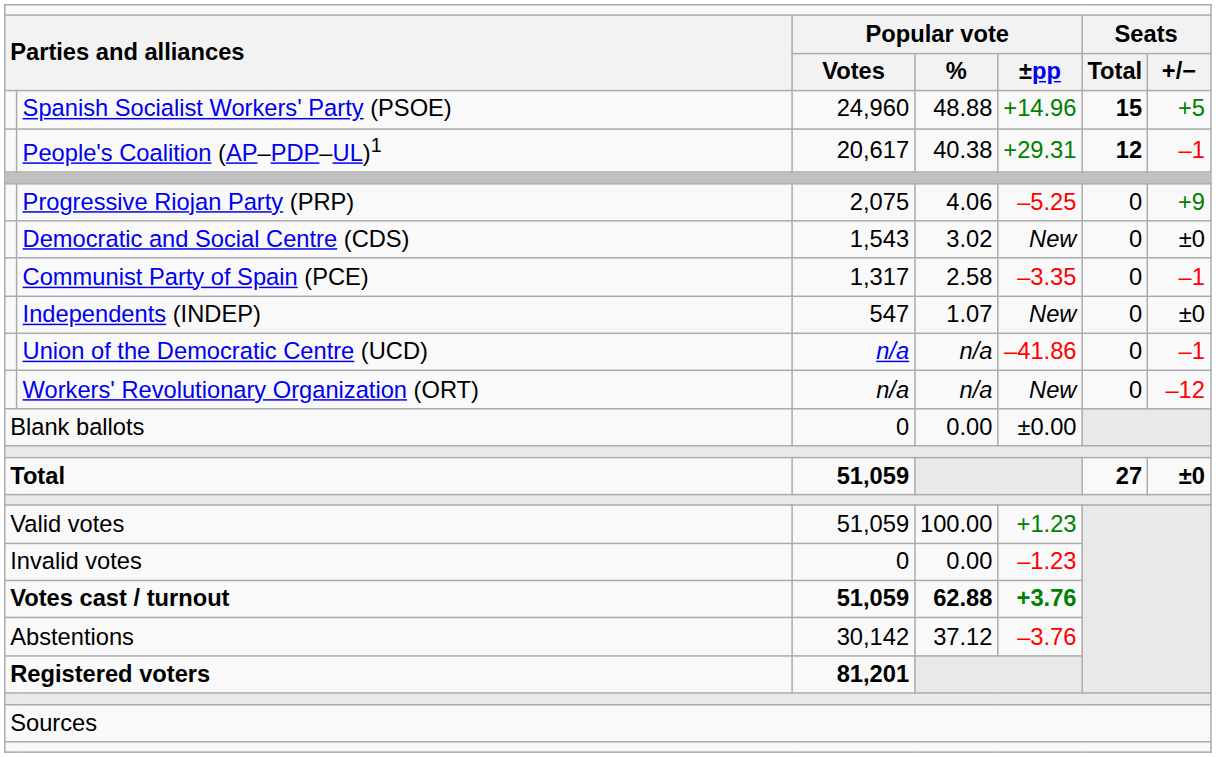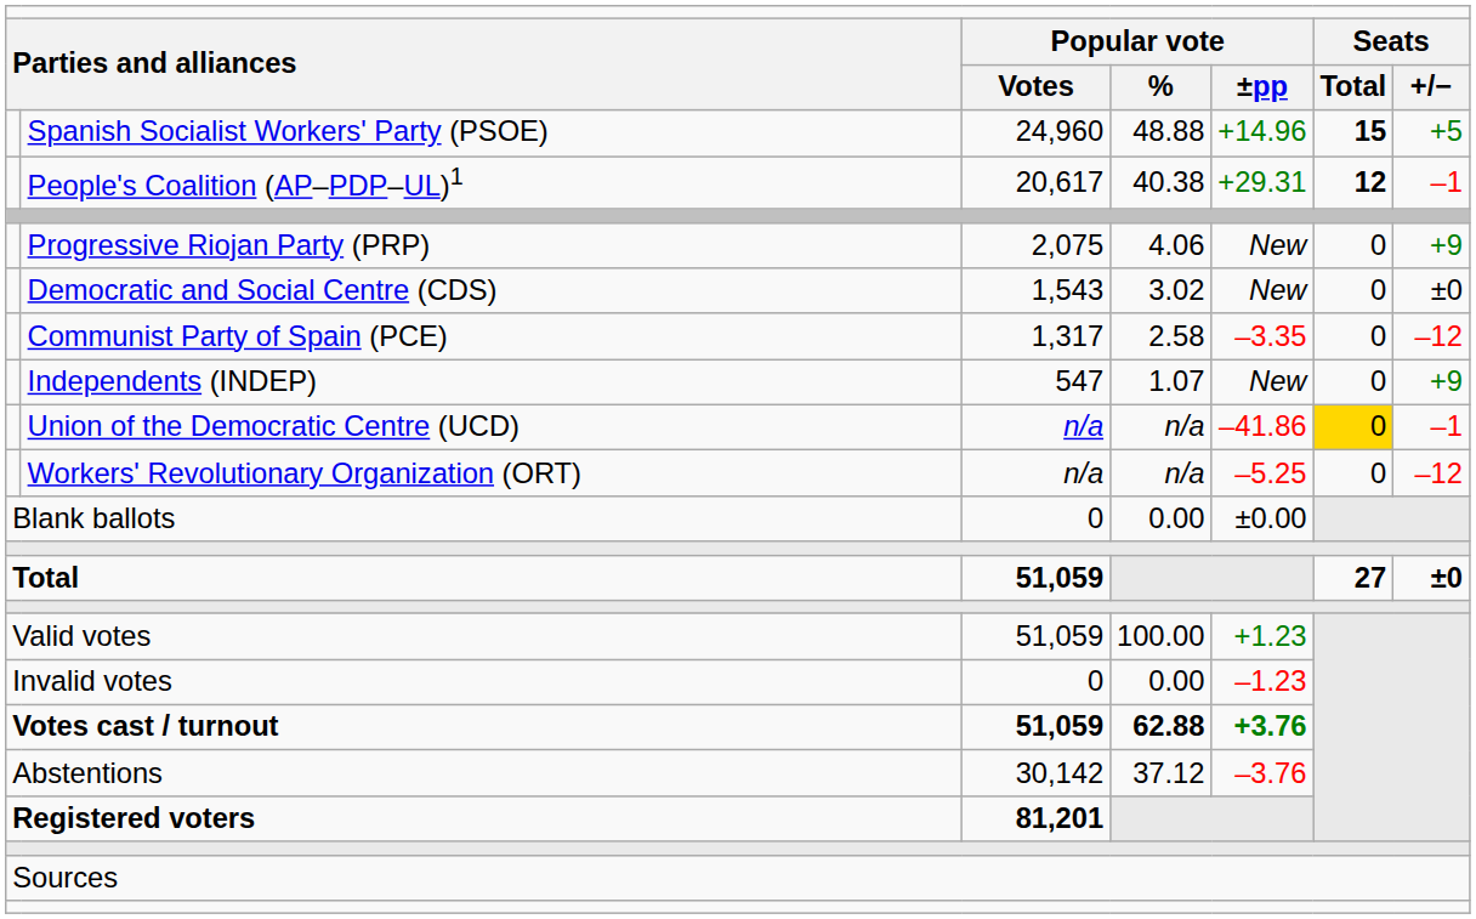 <table class="wikitable" style="text-align:right;">
 <tr>
 <td colspan="7"></td>
 </tr>
 <tr>
 <th style="text-align:left;" rowspan="2" colspan="2" width="525">Parties and alliances</th>
 <th colspan="3">Popular vote</th>
 <th colspan="2">Seats</th>
 </tr>
 <tr>
 <th width="75">Votes</th>
 <th width="45">%</th>
 <th width="45">±<a href='#'>pp</a></th>
 <th width="35">Total</th>
 <th width="35">+/−</th>
 </tr>
 <tr>
 <td width="1" style="color:inherit;background:"></td>
 <td align="left"><a href='#'>Spanish Socialist Workers' Party</a> (PSOE)</td>
 <td>24,960</td>
 <td>48.88</td>
 <td style="color:green;">+14.96</td>
 <td><strong>15</strong></td>
 <td style="color:green;">+5</td>
 </tr>
 <tr>
 <td style="color:inherit;background:"></td>
 <td align="left"><a href='#'>People's Coalition</a> (<a href='#'>AP</a>–<a href='#'>PDP</a>–<a href='#'>UL</a>)<sup>1</sup></td>
 <td>20,617</td>
 <td>40.38</td>
 <td style="color:green;">+29.31</td>
 <td><strong>12</strong></td>
 <td style="color:red;">–1</td>
 </tr>
 <tr>
 <td colspan="7" bgcolor="#C0C0C0"></td>
 </tr>
 <tr>
 <td style="color:inherit;background:"></td>
 <td align="left"><a href='#'>Progressive Riojan Party</a> (PRP)</td>
 <td>2,075</td>
 <td>4.06</td>
-<td style="color:red;">–5.25</td>
+<td><em>New</em></td>
 <td>0</td>
 <td style="color:green;">+9</td>
 </tr>
 <tr>
 <td style="color:inherit;background:"></td>
 <td align="left"><a href='#'>Democratic and Social Centre</a> (CDS)</td>
 <td>1,543</td>
 <td>3.02</td>
 <td><em>New</em></td>
 <td>0</td>
 <td>±0</td>
 </tr>
 <tr>
 <td style="color:inherit;background:"></td>
 <td align="left"><a href='#'>Communist Party of Spain</a> (PCE)</td>
 <td>1,317</td>
 <td>2.58</td>
 <td style="color:red;">–3.35</td>
 <td>0</td>
-<td style="color:red;">–1</td>
+<td style="color:red;">–12</td>
 </tr>
 <tr>
 <td style="color:inherit;background:"></td>
 <td align="left"><a href='#'>Independents</a> (INDEP)</td>
 <td>547</td>
 <td>1.07</td>
 <td><em>New</em></td>
 <td>0</td>
-<td>±0</td>
+<td style="color:green;">+9</td>
 </tr>
 <tr>
 <td style="color:inherit;background:"></td>
 <td align="left"><a href='#'>Union of the Democratic Centre</a> (UCD)</td>
 <td><em><a href='#'>n/a</a></em></td>
 <td><em>n/a</em></td>
 <td style="color:red;">–41.86</td>
-<td>0</td>
+<td style="background: gold;">0</td>
 <td style="color:red;">–1</td>
 </tr>
 <tr>
 <td style="color:inherit;background:"></td>
 <td align="left"><a href='#'>Workers' Revolutionary Organization</a> (ORT)</td>
 <td><em>n/a</em></td>
 <td><em>n/a</em></td>
-<td><em>New</em></td>
+<td style="color:red;">–5.25</td>
 <td>0</td>
 <td style="color:red;">–12</td>
 </tr>
 <tr>
 <td align="left" colspan="2">Blank ballots</td>
 <td>0</td>
 <td>0.00</td>
 <td>±0.00</td>
 <td bgcolor="#E9E9E9" colspan="2"></td>
 </tr>
 <tr>
 <td colspan="7" bgcolor="#E9E9E9"></td>
 </tr>
 <tr style="font-weight:bold;">
 <td align="left" colspan="2">Total</td>
 <td>51,059</td>
 <td bgcolor="#E9E9E9" colspan="2"></td>
 <td>27</td>
 <td>±0</td>
 </tr>
 <tr>
 <td colspan="7" bgcolor="#E9E9E9"></td>
 </tr>
 <tr>
 <td align="left" colspan="2">Valid votes</td>
 <td>51,059</td>
 <td>100.00</td>
 <td style="color:green;">+1.23</td>
 <td bgcolor="#E9E9E9" colspan="2" rowspan="5"></td>
 </tr>
 <tr>
 <td align="left" colspan="2">Invalid votes</td>
 <td>0</td>
 <td>0.00</td>
 <td style="color:red;">–1.23</td>
 </tr>
 <tr style="font-weight:bold;">
 <td align="left" colspan="2">Votes cast / turnout</td>
 <td>51,059</td>
 <td>62.88</td>
 <td style="color:green;">+3.76</td>
 </tr>
 <tr>
 <td align="left" colspan="2">Abstentions</td>
 <td>30,142</td>
 <td>37.12</td>
 <td style="color:red;">–3.76</td>
 </tr>
 <tr style="font-weight:bold;">
 <td align="left" colspan="2">Registered voters</td>
 <td>81,201</td>
 <td bgcolor="#E9E9E9" colspan="2"></td>
 </tr>
 <tr>
 <td colspan="7" bgcolor="#E9E9E9"></td>
 </tr>
 <tr>
 <td align="left" colspan="7">Sources</td>
 </tr>
 <tr>
 <td colspan="7" style="text-align:left; max-width:790px;"></td>
 </tr>
 </table>
